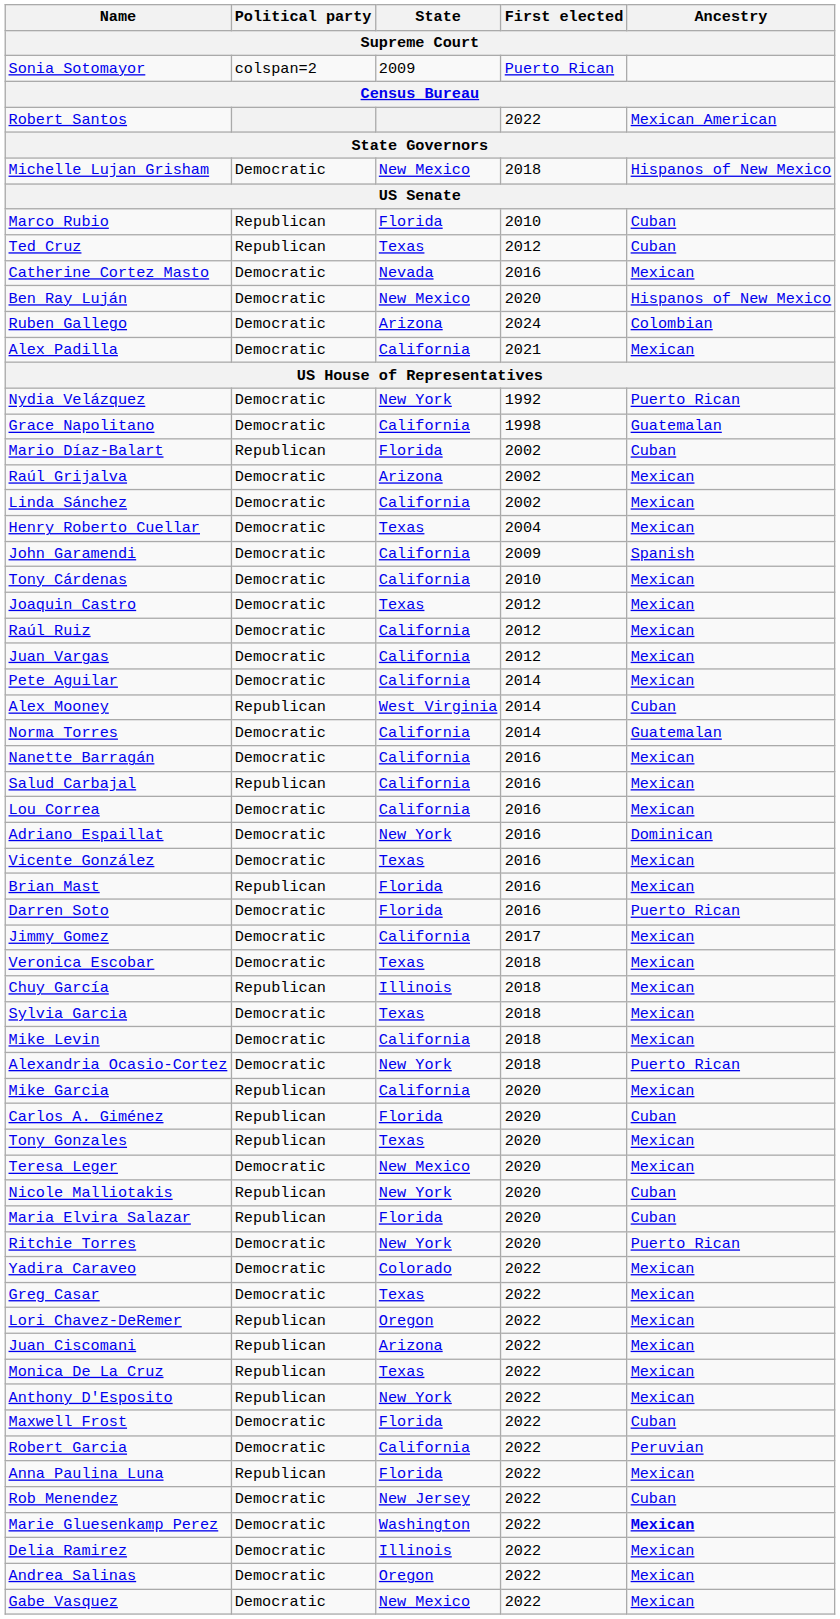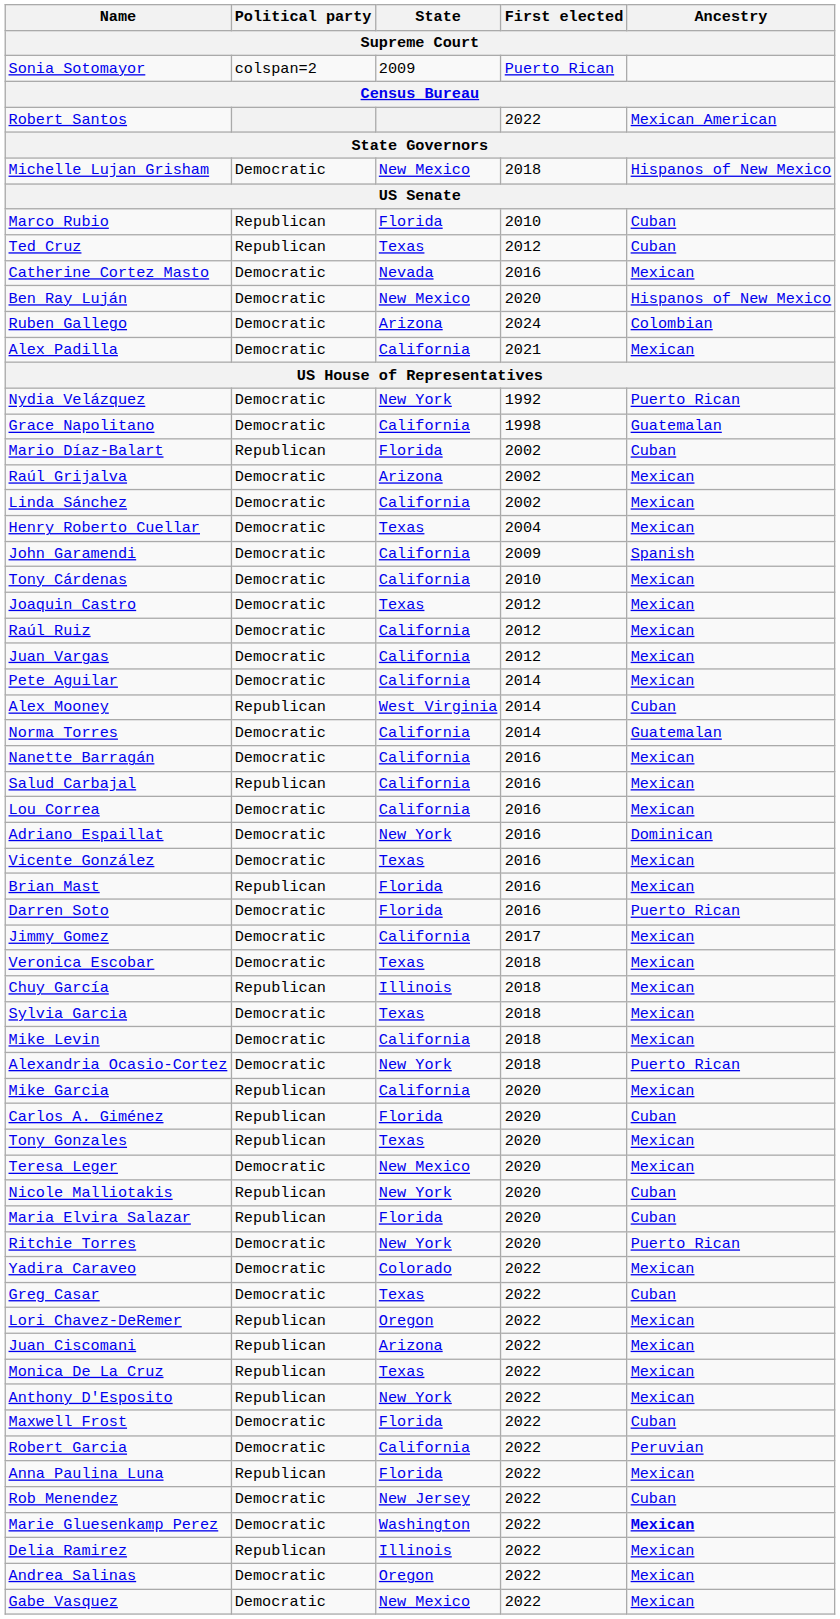 <table class="wikitable sortable" style="float:left; font-size:90%; margin:0 0 1em 1em;">
 <tr>
 <th>Name</th>
 <th>Political party</th>
 <th>State</th>
 <th>First elected</th>
 <th>Ancestry</th>
 </tr>
 <tr>
 <th colspan=5>Supreme Court</th>
 </tr>
 <tr>
 <td><a href='#'>Sonia Sotomayor</a></td>
 <td>colspan=2 </td>
 <td>2009</td>
 <td><a href='#'>Puerto Rican</a></td>
 </tr>
 <tr>
 <th colspan="5"><a href='#'>Census Bureau</a></th>
 </tr>
 <tr>
 <td><a href='#'>Robert Santos</a></td>
 <th></th>
 <th></th>
 <td>2022</td>
 <td><a href='#'>Mexican American</a></td>
 </tr>
 <tr>
 <th colspan=5>State Governors</th>
 </tr>
 <tr>
 <td><a href='#'>Michelle Lujan Grisham</a></td>
 <td>Democratic</td>
 <td><a href='#'>New Mexico</a></td>
 <td>2018</td>
 <td><a href='#'>Hispanos of New Mexico</a></td>
 </tr>
 <tr>
 <th colspan=5>US Senate</th>
 </tr>
 <tr>
 <td><a href='#'>Marco Rubio</a></td>
 <td>Republican</td>
 <td><a href='#'>Florida</a></td>
 <td>2010</td>
 <td><a href='#'>Cuban</a></td>
 </tr>
 <tr>
 <td><a href='#'>Ted Cruz</a></td>
 <td>Republican</td>
 <td><a href='#'>Texas</a></td>
 <td>2012</td>
 <td><a href='#'>Cuban</a></td>
 </tr>
 <tr>
 <td><a href='#'>Catherine Cortez Masto</a></td>
 <td>Democratic</td>
 <td><a href='#'>Nevada</a></td>
 <td>2016</td>
 <td><a href='#'>Mexican</a></td>
 </tr>
 <tr>
 <td><a href='#'>Ben Ray Luján</a></td>
 <td>Democratic</td>
 <td><a href='#'>New Mexico</a></td>
 <td>2020</td>
 <td><a href='#'>Hispanos of New Mexico</a></td>
 </tr>
 <tr>
 <td><a href='#'>Ruben Gallego</a></td>
 <td>Democratic</td>
 <td><a href='#'>Arizona</a></td>
 <td>2024</td>
 <td><a href='#'>Colombian</a></td>
 </tr>
 <tr>
 <td><a href='#'>Alex Padilla</a></td>
 <td>Democratic</td>
 <td><a href='#'>California</a></td>
 <td>2021</td>
 <td><a href='#'>Mexican</a></td>
 </tr>
 <tr>
 <th colspan=5>US House of Representatives</th>
 </tr>
 <tr>
 <td><a href='#'>Nydia Velázquez</a></td>
 <td>Democratic</td>
 <td><a href='#'>New York</a></td>
 <td>1992</td>
 <td><a href='#'>Puerto Rican</a></td>
 </tr>
 <tr>
 <td><a href='#'>Grace Napolitano</a></td>
 <td>Democratic</td>
 <td><a href='#'>California</a></td>
 <td>1998</td>
 <td><a href='#'>Guatemalan</a></td>
 </tr>
 <tr>
 <td><a href='#'>Mario Díaz-Balart</a></td>
 <td>Republican</td>
 <td><a href='#'>Florida</a></td>
 <td>2002</td>
 <td><a href='#'>Cuban</a></td>
 </tr>
 <tr>
 <td><a href='#'>Raúl Grijalva</a></td>
 <td>Democratic</td>
 <td><a href='#'>Arizona</a></td>
 <td>2002</td>
 <td><a href='#'>Mexican</a></td>
 </tr>
 <tr>
 <td><a href='#'>Linda Sánchez</a></td>
 <td>Democratic</td>
 <td><a href='#'>California</a></td>
 <td>2002</td>
 <td><a href='#'>Mexican</a></td>
 </tr>
 <tr>
 <td><a href='#'>Henry Roberto Cuellar</a></td>
 <td>Democratic</td>
 <td><a href='#'>Texas</a></td>
 <td>2004</td>
 <td><a href='#'>Mexican</a></td>
 </tr>
 <tr>
 <td><a href='#'>John Garamendi</a></td>
 <td>Democratic</td>
 <td><a href='#'>California</a></td>
 <td>2009</td>
 <td><a href='#'>Spanish</a></td>
 </tr>
 <tr>
 <td><a href='#'>Tony Cárdenas</a></td>
 <td>Democratic</td>
 <td><a href='#'>California</a></td>
 <td>2010</td>
 <td><a href='#'>Mexican</a></td>
 </tr>
 <tr>
 <td><a href='#'>Joaquin Castro</a></td>
 <td>Democratic</td>
 <td><a href='#'>Texas</a></td>
 <td>2012</td>
 <td><a href='#'>Mexican</a></td>
 </tr>
 <tr>
 <td><a href='#'>Raúl Ruiz</a></td>
 <td>Democratic</td>
 <td><a href='#'>California</a></td>
 <td>2012</td>
 <td><a href='#'>Mexican</a></td>
 </tr>
 <tr>
 <td><a href='#'>Juan Vargas</a></td>
 <td>Democratic</td>
 <td><a href='#'>California</a></td>
 <td>2012</td>
 <td><a href='#'>Mexican</a></td>
 </tr>
 <tr>
 <td><a href='#'>Pete Aguilar</a></td>
 <td>Democratic</td>
 <td><a href='#'>California</a></td>
 <td>2014</td>
 <td><a href='#'>Mexican</a></td>
 </tr>
 <tr>
 <td><a href='#'>Alex Mooney</a></td>
 <td>Republican</td>
 <td><a href='#'>West Virginia</a></td>
 <td>2014</td>
 <td><a href='#'>Cuban</a></td>
 </tr>
 <tr>
 <td><a href='#'>Norma Torres</a></td>
 <td>Democratic</td>
 <td><a href='#'>California</a></td>
 <td>2014</td>
 <td><a href='#'>Guatemalan</a></td>
 </tr>
 <tr>
 <td><a href='#'>Nanette Barragán</a></td>
 <td>Democratic</td>
 <td><a href='#'>California</a></td>
 <td>2016</td>
 <td><a href='#'>Mexican</a></td>
 </tr>
 <tr>
 <td><a href='#'>Salud Carbajal</a></td>
 <td>Republican</td>
 <td><a href='#'>California</a></td>
 <td>2016</td>
 <td><a href='#'>Mexican</a></td>
 </tr>
 <tr>
 <td><a href='#'>Lou Correa</a></td>
 <td>Democratic</td>
 <td><a href='#'>California</a></td>
 <td>2016</td>
 <td><a href='#'>Mexican</a></td>
 </tr>
 <tr>
 <td><a href='#'>Adriano Espaillat</a></td>
 <td>Democratic</td>
 <td><a href='#'>New York</a></td>
 <td>2016</td>
 <td><a href='#'>Dominican</a></td>
 </tr>
 <tr>
 <td><a href='#'>Vicente González</a></td>
 <td>Democratic</td>
 <td><a href='#'>Texas</a></td>
 <td>2016</td>
 <td><a href='#'>Mexican</a></td>
 </tr>
 <tr>
 <td><a href='#'>Brian Mast</a></td>
 <td>Republican</td>
 <td><a href='#'>Florida</a></td>
 <td>2016</td>
 <td><a href='#'>Mexican</a></td>
 </tr>
 <tr>
 <td><a href='#'>Darren Soto</a></td>
 <td>Democratic</td>
 <td><a href='#'>Florida</a></td>
 <td>2016</td>
 <td><a href='#'>Puerto Rican</a></td>
 </tr>
 <tr>
 <td><a href='#'>Jimmy Gomez</a></td>
 <td>Democratic</td>
 <td><a href='#'>California</a></td>
 <td>2017</td>
 <td><a href='#'>Mexican</a></td>
 </tr>
 <tr>
 <td><a href='#'>Veronica Escobar</a></td>
 <td>Democratic</td>
 <td><a href='#'>Texas</a></td>
 <td>2018</td>
 <td><a href='#'>Mexican</a></td>
 </tr>
 <tr>
 <td><a href='#'>Chuy García</a></td>
 <td>Republican</td>
 <td><a href='#'>Illinois</a></td>
 <td>2018</td>
 <td><a href='#'>Mexican</a></td>
 </tr>
 <tr>
 <td><a href='#'>Sylvia Garcia</a></td>
 <td>Democratic</td>
 <td><a href='#'>Texas</a></td>
 <td>2018</td>
 <td><a href='#'>Mexican</a></td>
 </tr>
 <tr>
 <td><a href='#'>Mike Levin</a></td>
 <td>Democratic</td>
 <td><a href='#'>California</a></td>
 <td>2018</td>
 <td><a href='#'>Mexican</a></td>
 </tr>
 <tr>
 <td><a href='#'>Alexandria Ocasio-Cortez</a></td>
 <td>Democratic</td>
 <td><a href='#'>New York</a></td>
 <td>2018</td>
 <td><a href='#'>Puerto Rican</a></td>
 </tr>
 <tr>
 <td><a href='#'>Mike Garcia</a></td>
 <td>Republican</td>
 <td><a href='#'>California</a></td>
 <td>2020</td>
 <td><a href='#'>Mexican</a></td>
 </tr>
 <tr>
 <td><a href='#'>Carlos A. Giménez</a></td>
 <td>Republican</td>
 <td><a href='#'>Florida</a></td>
 <td>2020</td>
 <td><a href='#'>Cuban</a></td>
 </tr>
 <tr>
 <td><a href='#'>Tony Gonzales</a></td>
 <td>Republican</td>
 <td><a href='#'>Texas</a></td>
 <td>2020</td>
 <td><a href='#'>Mexican</a></td>
 </tr>
 <tr>
 <td><a href='#'>Teresa Leger</a></td>
 <td>Democratic</td>
 <td><a href='#'>New Mexico</a></td>
 <td>2020</td>
 <td><a href='#'>Mexican</a></td>
 </tr>
 <tr>
 <td><a href='#'>Nicole Malliotakis</a></td>
 <td>Republican</td>
 <td><a href='#'>New York</a></td>
 <td>2020</td>
 <td><a href='#'>Cuban</a></td>
 </tr>
 <tr>
 <td><a href='#'>Maria Elvira Salazar</a></td>
 <td>Republican</td>
 <td><a href='#'>Florida</a></td>
 <td>2020</td>
 <td><a href='#'>Cuban</a></td>
 </tr>
 <tr>
 <td><a href='#'>Ritchie Torres</a></td>
 <td>Democratic</td>
 <td><a href='#'>New York</a></td>
 <td>2020</td>
 <td><a href='#'>Puerto Rican</a></td>
 </tr>
 <tr>
 <td><a href='#'>Yadira Caraveo</a></td>
 <td>Democratic</td>
 <td><a href='#'>Colorado</a></td>
 <td>2022</td>
 <td><a href='#'>Mexican</a></td>
 </tr>
 <tr>
 <td><a href='#'>Greg Casar</a></td>
 <td>Democratic</td>
 <td><a href='#'>Texas</a></td>
 <td>2022</td>
-<td><a href='#'>Mexican</a></td>
+<td><a href='#'>Cuban</a></td>
 </tr>
 <tr>
 <td><a href='#'>Lori Chavez-DeRemer</a></td>
 <td>Republican</td>
 <td><a href='#'>Oregon</a></td>
 <td>2022</td>
 <td><a href='#'>Mexican</a></td>
 </tr>
 <tr>
 <td><a href='#'>Juan Ciscomani</a></td>
 <td>Republican</td>
 <td><a href='#'>Arizona</a></td>
 <td>2022</td>
 <td><a href='#'>Mexican</a></td>
 </tr>
 <tr>
 <td><a href='#'>Monica De La Cruz</a></td>
 <td>Republican</td>
 <td><a href='#'>Texas</a></td>
 <td>2022</td>
 <td><a href='#'>Mexican</a></td>
 </tr>
 <tr>
 <td><a href='#'>Anthony D'Esposito</a></td>
 <td>Republican</td>
 <td><a href='#'>New York</a></td>
 <td>2022</td>
 <td><a href='#'>Mexican</a></td>
 </tr>
 <tr>
 <td><a href='#'>Maxwell Frost</a></td>
 <td>Democratic</td>
 <td><a href='#'>Florida</a></td>
 <td>2022</td>
 <td><a href='#'>Cuban</a></td>
 </tr>
 <tr>
 <td><a href='#'>Robert Garcia</a></td>
 <td>Democratic</td>
 <td><a href='#'>California</a></td>
 <td>2022</td>
 <td><a href='#'>Peruvian</a></td>
 </tr>
 <tr>
 <td><a href='#'>Anna Paulina Luna</a></td>
 <td>Republican</td>
 <td><a href='#'>Florida</a></td>
 <td>2022</td>
 <td><a href='#'>Mexican</a></td>
 </tr>
 <tr>
 <td><a href='#'>Rob Menendez</a></td>
 <td>Democratic</td>
 <td><a href='#'>New Jersey</a></td>
 <td>2022</td>
 <td><a href='#'>Cuban</a></td>
 </tr>
 <tr>
 <td><a href='#'>Marie Gluesenkamp Perez</a></td>
 <td>Democratic</td>
 <td><a href='#'>Washington</a></td>
 <td>2022</td>
 <td><strong><a href='#'>Mexican</a></strong></td>
 </tr>
 <tr>
 <td><a href='#'>Delia Ramirez</a></td>
-<td>Democratic</td>
+<td>Republican</td>
 <td><a href='#'>Illinois</a></td>
 <td>2022</td>
 <td><a href='#'>Mexican</a></td>
 </tr>
 <tr>
 <td><a href='#'>Andrea Salinas</a></td>
 <td>Democratic</td>
 <td><a href='#'>Oregon</a></td>
 <td>2022</td>
 <td><a href='#'>Mexican</a></td>
 </tr>
 <tr>
 <td><a href='#'>Gabe Vasquez</a></td>
 <td>Democratic</td>
 <td><a href='#'>New Mexico</a></td>
 <td>2022</td>
 <td><a href='#'>Mexican</a></td>
 </tr>
 </table>
